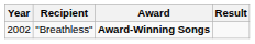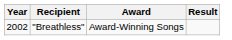 <table class="wikitable">
 <tr>
 <th>Year</th>
 <th>Recipient</th>
 <th>Award</th>
 <th>Result</th>
 </tr>
 <tr>
 <td rowspan="2">2002</td>
 <td rowspan="1">"Breathless"</td>
-<td><strong>Award-Winning Songs</strong></td>
+<td>Award-Winning Songs</td>
 <td></td>
 </tr>
 </table>
